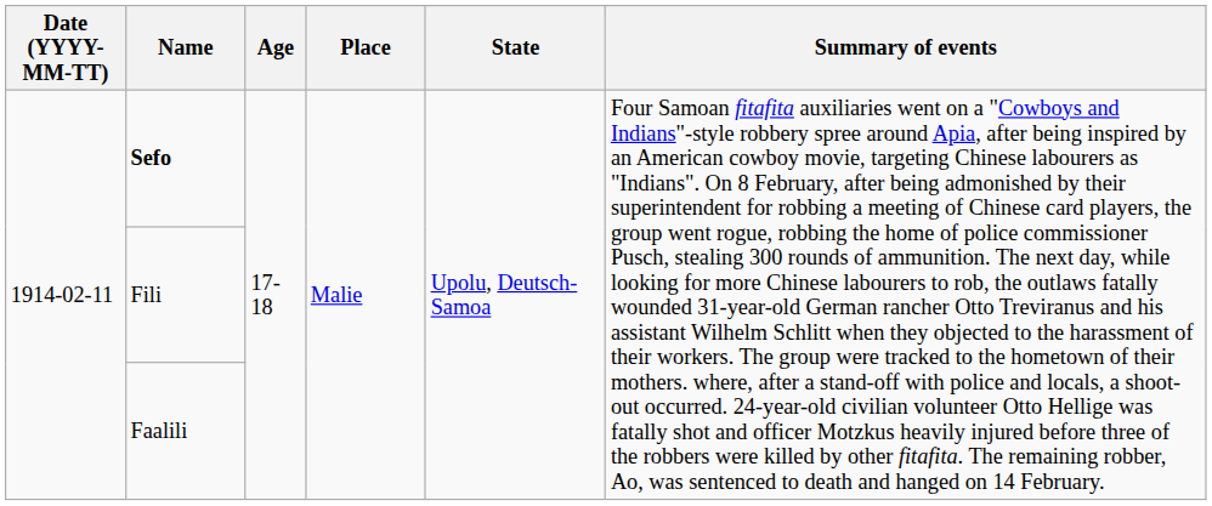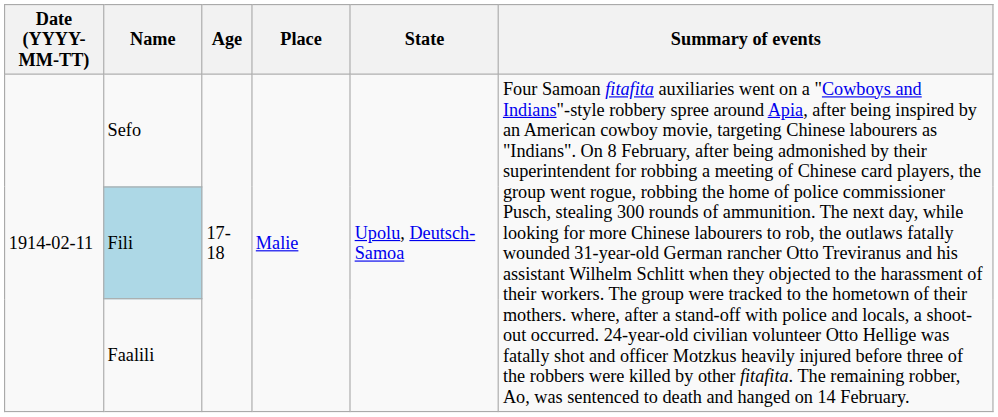 <table class="wikitable sortable static-row-numbers static-row-header-text">
 <tr>
 <th style="width:10%;">Date<br>(YYYY-MM-TT)</th>
 <th style="width:10%;">Name</th>
 <th style="width:5%;">Age</th>
 <th style="width:10%;">Place</th>
 <th style="width:15%;">State</th>
 <th style="width:50%;">Summary of events</th>
 </tr>
 <tr>
 <td rowspan=3>1914-02-11</td>
-<td><strong>Sefo</strong></td>
+<td>Sefo</td>
 <td rowspan= 3>17-18</td>
 <td rowspan=3><a href='#'>Malie</a></td>
 <td rowspan=3><a href='#'>Upolu</a>, <a href='#'>Deutsch-Samoa</a></td>
 <td rowspan="3">Four Samoan <em><a href='#'>fitafita</a></em> auxiliaries went on a "<a href='#'>Cowboys and Indians</a>"-style robbery spree around <a href='#'>Apia</a>, after being inspired by an American cowboy movie, targeting Chinese labourers as "Indians". On 8 February, after being admonished by their superintendent for robbing a meeting of Chinese card players, the group went rogue, robbing the home of police commissioner Pusch, stealing 300 rounds of ammunition. The next day, while looking for more Chinese labourers to rob, the outlaws fatally wounded 31-year-old German rancher Otto Treviranus and his assistant Wilhelm Schlitt when they objected to the harassment of their workers. The group were tracked to the hometown of their mothers. where, after a stand-off with police and locals, a shoot-out occurred. 24-year-old civilian volunteer Otto Hellige was fatally shot and officer Motzkus heavily injured before three of the robbers were killed by other <em>fitafita</em>. The remaining robber, Ao, was sentenced to death and hanged on 14 February.</td>
 </tr>
 <tr>
-<td>Fili</td>
+<td style="background: lightblue;">Fili</td>
 </tr>
 <tr>
 <td>Faalili</td>
 </tr>
 </table>
